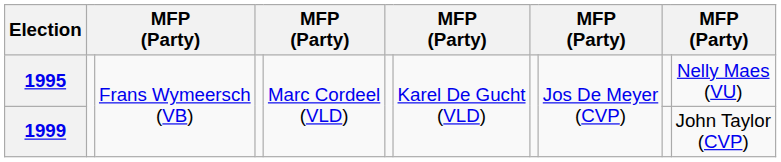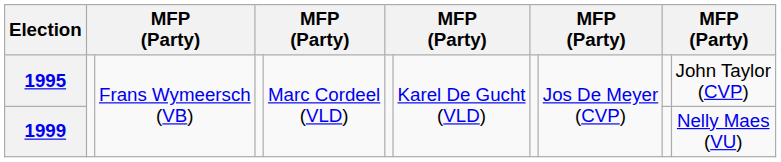 <table class="wikitable" style="text-align:center">
 <tr>
 <th>Election</th>
 <th colspan=2>MFP<br>(Party)</th>
 <th colspan=2>MFP<br>(Party)</th>
 <th colspan=2>MFP<br>(Party)</th>
 <th colspan=2>MFP<br>(Party)</th>
 <th colspan=2>MFP<br>(Party)</th>
 </tr>
 <tr>
 <th><a href='#'>1995</a></th>
 <td rowspan=2; style="background-color: "></td>
 <td rowspan=2><a href='#'>Frans Wymeersch</a><br>(<a href='#'>VB</a>)</td>
 <td rowspan=2; style="background-color: "></td>
 <td rowspan=2><a href='#'>Marc Cordeel</a><br>(<a href='#'>VLD</a>)</td>
 <td rowspan=2; style="background-color: "></td>
 <td rowspan=2><a href='#'>Karel De Gucht</a><br>(<a href='#'>VLD</a>)</td>
 <td rowspan=2; style="background-color: "></td>
 <td rowspan=2><a href='#'>Jos De Meyer</a><br>(<a href='#'>CVP</a>)</td>
 <td rowspan=1; style="background-color: "></td>
-<td><a href='#'>Nelly Maes</a><br>(<a href='#'>VU</a>)</td>
+<td>John Taylor<br>(<a href='#'>CVP</a>)</td>
 </tr>
 <tr>
 <th><a href='#'>1999</a></th>
 <td rowspan=1; style="background-color: "></td>
-<td>John Taylor<br>(<a href='#'>CVP</a>)</td>
+<td><a href='#'>Nelly Maes</a><br>(<a href='#'>VU</a>)</td>
 </tr>
 </table>
